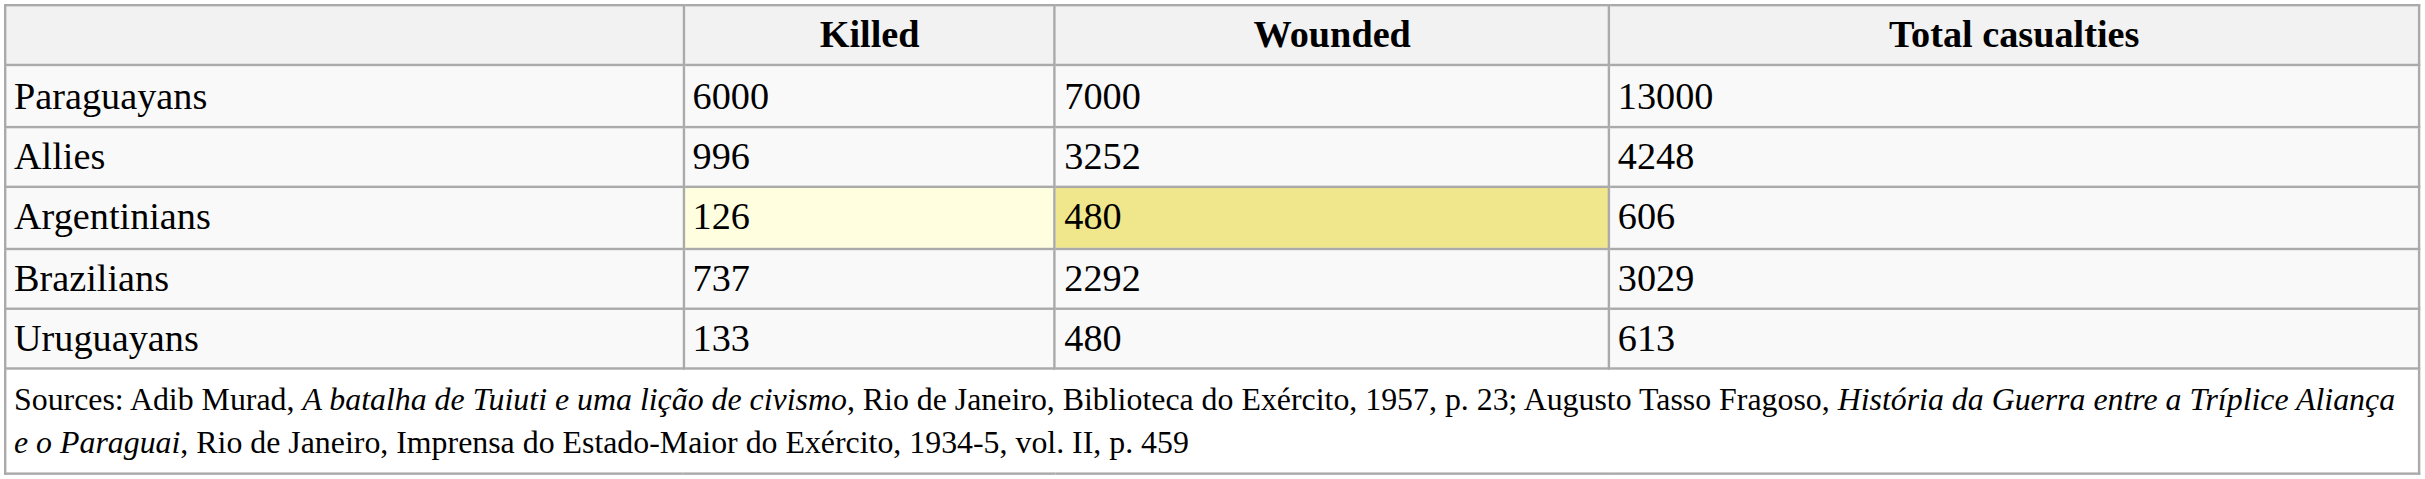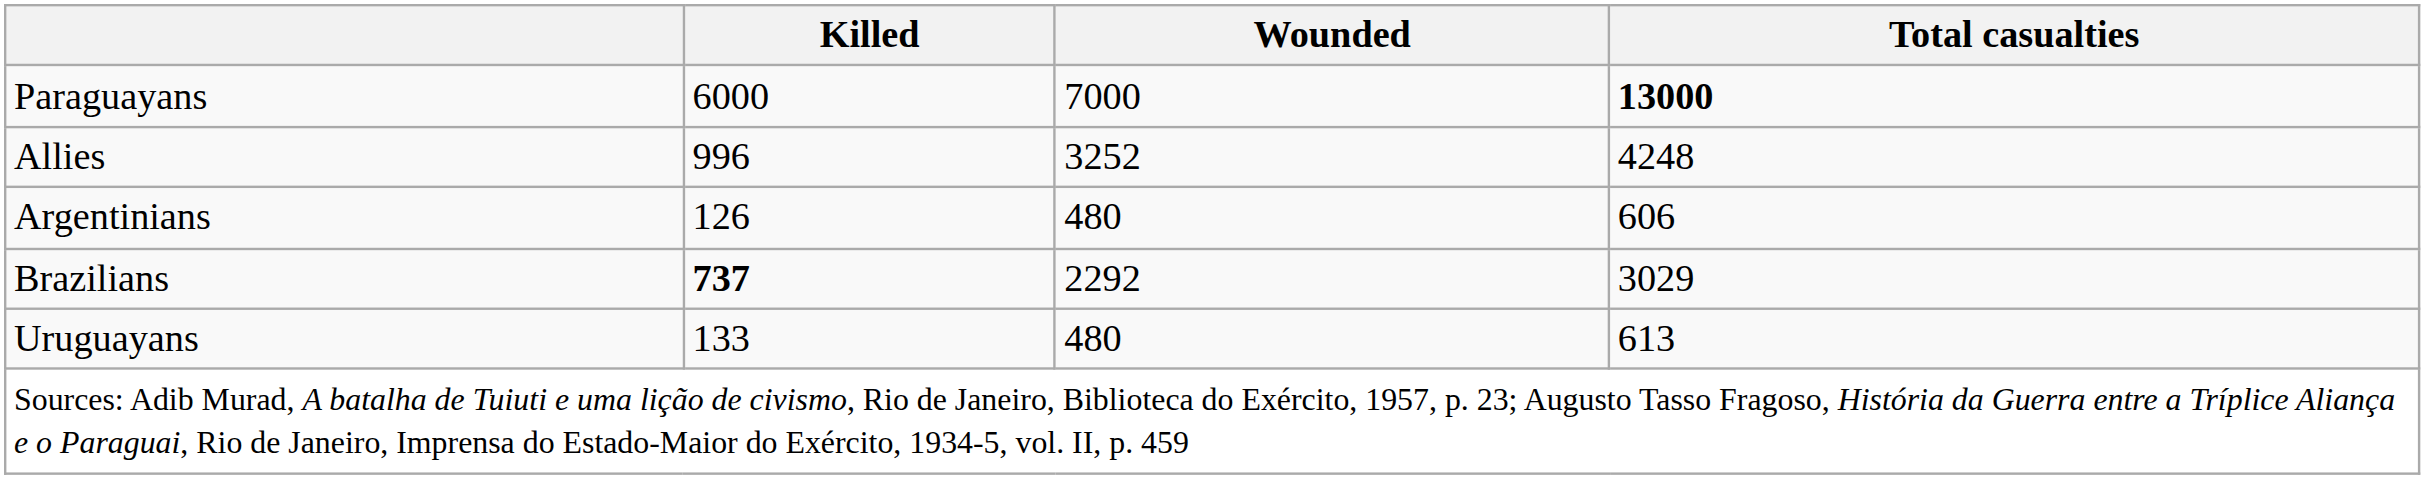 <table class="wikitable" align="center" width="80%">
 <tr>
 <th></th>
 <th>Killed</th>
 <th>Wounded</th>
 <th>Total casualties</th>
 </tr>
 <tr>
 <td>Paraguayans</td>
 <td>6000</td>
 <td>7000</td>
-<td>13000</td>
+<td><strong>13000</strong></td>
 </tr>
 <tr>
 <td>Allies</td>
 <td>996</td>
 <td>3252</td>
 <td>4248</td>
 </tr>
 <tr>
 <td>Argentinians</td>
-<td style="background: lightyellow;">126</td>
-<td style="background: khaki;">480</td>
+<td>126</td>
+<td>480</td>
 <td>606</td>
 </tr>
 <tr>
 <td>Brazilians</td>
-<td>737</td>
+<td><strong>737</strong></td>
 <td>2292</td>
 <td>3029</td>
 </tr>
 <tr>
 <td>Uruguayans</td>
 <td>133</td>
 <td>480</td>
 <td>613</td>
 </tr>
 <tr>
 <td colspan="11" bgcolor="white"><small>Sources: Adib Murad, <em>A batalha de Tuiuti e uma lição de civismo</em>, Rio de Janeiro, Biblioteca do Exército, 1957, p. 23; Augusto Tasso Fragoso, <em>História da Guerra entre a Tríplice Aliança e o Paraguai</em>, Rio de Janeiro, Imprensa do Estado-Maior do Exército, 1934-5, vol. II, p. 459</small></td>
 </tr>
 </table>
